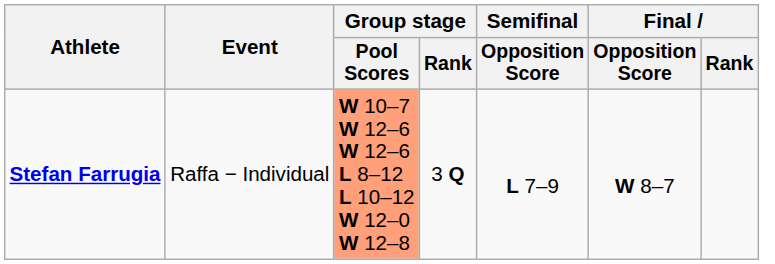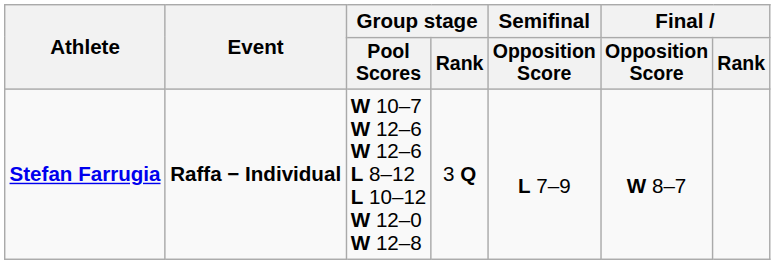 <table class=wikitable style="font-size:90%">
 <tr>
 <th rowspan=2>Athlete</th>
 <th rowspan=2>Event</th>
 <th colspan=2>Group stage</th>
 <th>Semifinal</th>
 <th colspan=2>Final / </th>
 </tr>
 <tr style="font-size:95%">
 <th>Pool<br>Scores</th>
 <th>Rank</th>
 <th>Opposition<br>Score</th>
 <th>Opposition<br>Score</th>
 <th>Rank</th>
 </tr>
 <tr align=center>
 <td align=left><strong><a href='#'>Stefan Farrugia</a></strong></td>
-<td align="left">Raffa − Individual</td>
-<td align="left" style="background: lightsalmon;"> <strong>W</strong> 10–7<br> <strong>W</strong> 12–6<br> <strong>W</strong> 12–6<br> <strong>L</strong> 8–12<br> <strong>L</strong> 10–12<br> <strong>W</strong> 12–0<br> <strong>W</strong> 12–8</td>
+<td align="left"><strong>Raffa − Individual</strong></td>
+<td align="left"> <strong>W</strong> 10–7<br> <strong>W</strong> 12–6<br> <strong>W</strong> 12–6<br> <strong>L</strong> 8–12<br> <strong>L</strong> 10–12<br> <strong>W</strong> 12–0<br> <strong>W</strong> 12–8</td>
 <td>3 <strong>Q</strong></td>
 <td><br> <strong>L</strong> 7–9</td>
 <td><br> <strong>W</strong> 8–7</td>
 <td></td>
 </tr>
 </table>
